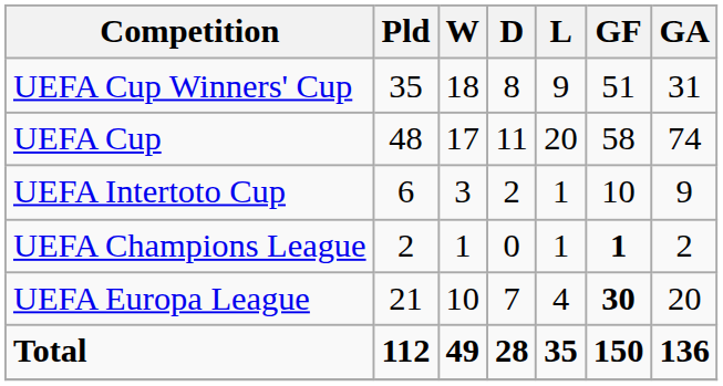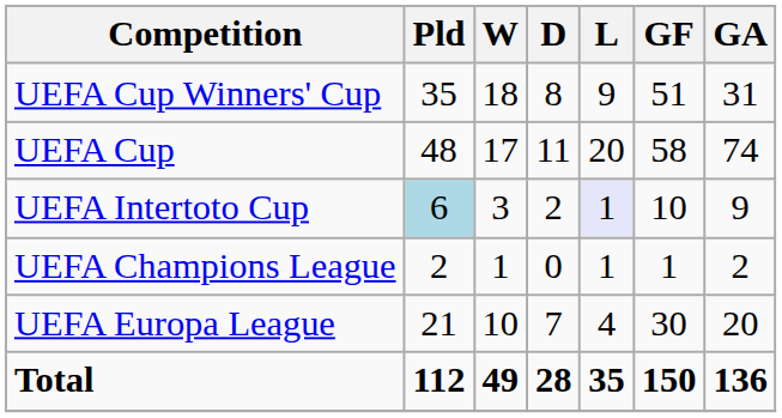 <table class="wikitable">
 <tr>
 <th>Competition</th>
 <th>Pld</th>
 <th>W</th>
 <th>D</th>
 <th>L</th>
 <th>GF</th>
 <th>GA</th>
 </tr>
 <tr>
 <td><a href='#'>UEFA Cup Winners' Cup</a></td>
 <td style="text-align:center;">35</td>
 <td style="text-align:center;">18</td>
 <td style="text-align:center;">8</td>
 <td style="text-align:center;">9</td>
 <td style="text-align:center;">51</td>
 <td style="text-align:center;">31</td>
 </tr>
 <tr>
 <td><a href='#'>UEFA Cup</a></td>
 <td style="text-align:center;">48</td>
 <td style="text-align:center;">17</td>
 <td style="text-align:center;">11</td>
 <td style="text-align:center;">20</td>
 <td style="text-align:center;">58</td>
 <td style="text-align:center;">74</td>
 </tr>
 <tr>
 <td><a href='#'>UEFA Intertoto Cup</a></td>
-<td style="text-align:center;">6</td>
+<td style="background: lightblue; text-align:center;">6</td>
 <td style="text-align:center;">3</td>
 <td style="text-align:center;">2</td>
-<td style="text-align:center;">1</td>
+<td style="background: lavender; text-align:center;">1</td>
 <td style="text-align:center;">10</td>
 <td style="text-align:center;">9</td>
 </tr>
 <tr>
 <td><a href='#'>UEFA Champions League</a></td>
 <td style="text-align:center;">2</td>
 <td style="text-align:center;">1</td>
 <td style="text-align:center;">0</td>
 <td style="text-align:center;">1</td>
-<td style="text-align:center;"><strong>1</strong></td>
+<td style="text-align:center;">1</td>
 <td style="text-align:center;">2</td>
 </tr>
 <tr>
 <td><a href='#'>UEFA Europa League</a></td>
 <td style="text-align:center;">21</td>
 <td style="text-align:center;">10</td>
 <td style="text-align:center;">7</td>
 <td style="text-align:center;">4</td>
-<td style="text-align:center;"><strong>30</strong></td>
+<td style="text-align:center;">30</td>
 <td style="text-align:center;">20</td>
 </tr>
 <tr>
 <td><strong>Total</strong></td>
 <td style="text-align:center;"><strong>112</strong></td>
 <td style="text-align:center;"><strong>49</strong></td>
 <td style="text-align:center;"><strong>28</strong></td>
 <td style="text-align:center;"><strong>35</strong></td>
 <td style="text-align:center;"><strong>150</strong></td>
 <td style="text-align:center;"><strong>136</strong></td>
 </tr>
 <tr>
 </tr>
 </table>
